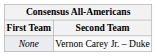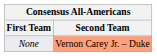 <table class="wikitable" style="font-size: 95%; text-align:center;">
 <tr>
 <th Colspan=3>Consensus All-Americans</th>
 </tr>
 <tr>
 <th>First Team</th>
 <th>Second Team</th>
 </tr>
 <tr>
 <td style="background:#EAECF0;"><em>None</em></td>
-<td>Vernon Carey Jr. – Duke</td>
+<td style="background: lightsalmon;">Vernon Carey Jr. – Duke</td>
 </tr>
 </table>
